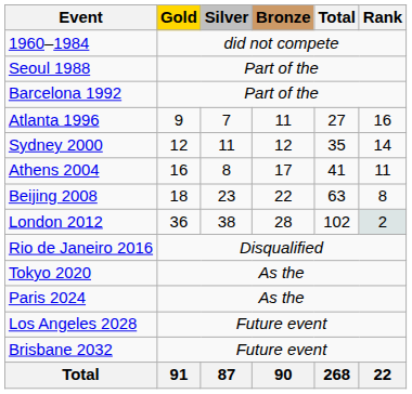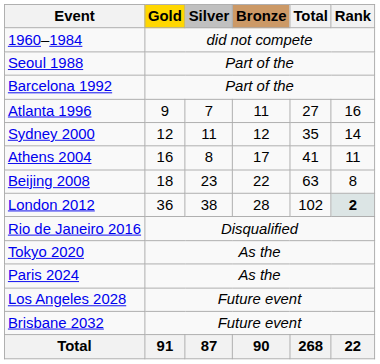 <table class="wikitable" style="text-align:center">
 <tr>
 <th>Event</th>
 <td style="background:gold; font-weight:bold;">Gold</td>
 <td style="background:silver; font-weight:bold;">Silver</td>
 <td style="background:#cc9966; font-weight:bold;">Bronze</td>
 <th>Total</th>
 <th>Rank</th>
 </tr>
 <tr>
 <td align="left"><a href='#'>1960</a>–<a href='#'>1984</a></td>
 <td colspan=5><em>did not compete</em></td>
 </tr>
 <tr>
 <td align="left"> <a href='#'>Seoul 1988</a></td>
 <td colspan=5><em>Part of the </em></td>
 </tr>
 <tr>
 <td align="left"> <a href='#'>Barcelona 1992</a></td>
 <td colspan=5><em>Part of the </em></td>
 </tr>
 <tr>
 <td align="left"> <a href='#'>Atlanta 1996</a></td>
 <td>9</td>
 <td>7</td>
 <td>11</td>
 <td>27</td>
 <td>16</td>
 </tr>
 <tr>
 <td align="left"> <a href='#'>Sydney 2000</a></td>
 <td>12</td>
 <td>11</td>
 <td>12</td>
 <td>35</td>
 <td>14</td>
 </tr>
 <tr>
 <td align="left"> <a href='#'>Athens 2004</a></td>
 <td>16</td>
 <td>8</td>
 <td>17</td>
 <td>41</td>
 <td>11</td>
 </tr>
 <tr>
 <td align="left"> <a href='#'>Beijing 2008</a></td>
 <td>18</td>
 <td>23</td>
 <td>22</td>
 <td>63</td>
 <td>8</td>
 </tr>
 <tr>
 <td align="left"> <a href='#'>London 2012</a></td>
 <td>36</td>
 <td>38</td>
 <td>28</td>
 <td>102</td>
-<td style="background:#dce5e5;">2</td>
+<td style="background:#dce5e5;"><strong>2</strong></td>
 </tr>
 <tr>
 <td align="left"> <a href='#'>Rio de Janeiro 2016</a></td>
 <td colspan=5><em>Disqualified</em></td>
 </tr>
 <tr>
 <td align="left"> <a href='#'>Tokyo 2020</a></td>
 <td colspan=5><em>As the </em></td>
 </tr>
 <tr>
 <td align="left"> <a href='#'>Paris 2024</a></td>
 <td colspan=5><em>As the </em></td>
 </tr>
 <tr>
 <td align="left"> <a href='#'>Los Angeles 2028</a></td>
 <td colspan=5><em>Future event</em></td>
 </tr>
 <tr>
 <td align="left"> <a href='#'>Brisbane 2032</a></td>
 <td colspan=5><em>Future event</em></td>
 </tr>
 <tr>
 <th>Total</th>
 <th>91</th>
 <th>87</th>
 <th>90</th>
 <th>268</th>
 <th>22</th>
 </tr>
 </table>
